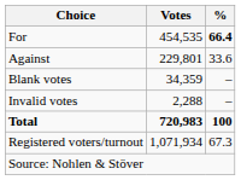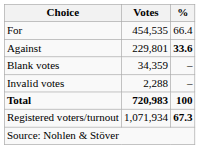 <table class=wikitable style=text-align:right>
 <tr>
 <th>Choice</th>
 <th>Votes</th>
 <th>%</th>
 </tr>
 <tr>
 <td align=left>For</td>
 <td>454,535</td>
-<td><strong>66.4</strong></td>
+<td>66.4</td>
 </tr>
 <tr>
 <td align=left>Against</td>
 <td>229,801</td>
-<td>33.6</td>
+<td><strong>33.6</strong></td>
 </tr>
 <tr>
 <td align=left>Blank votes</td>
 <td>34,359</td>
 <td>–</td>
 </tr>
 <tr>
 <td align=left>Invalid votes</td>
 <td>2,288</td>
 <td>–</td>
 </tr>
 <tr>
 <td align=left><strong>Total</strong></td>
 <td><strong>720,983</strong></td>
 <td><strong>100</strong></td>
 </tr>
 <tr>
 <td align=left>Registered voters/turnout</td>
 <td>1,071,934</td>
-<td>67.3</td>
+<td><strong>67.3</strong></td>
 </tr>
 <tr>
 <td align=left colspan=6>Source: Nohlen & Stöver</td>
 </tr>
 </table>
